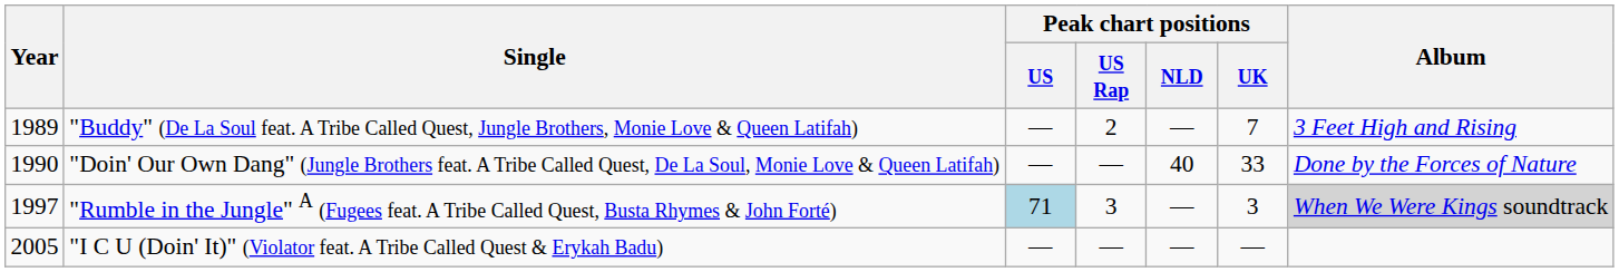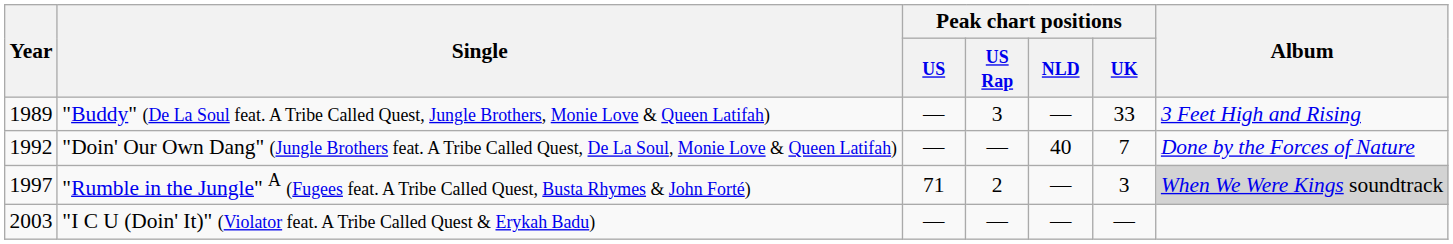 <table class="wikitable">
 <tr>
 <th rowspan="2">Year</th>
 <th rowspan="2">Single</th>
 <th colspan="4">Peak chart positions</th>
 <th rowspan="2">Album</th>
 </tr>
 <tr>
 <th align="center" width="40"><small><a href='#'>US</a></small></th>
 <th align="center" width="40"><small><a href='#'>US Rap</a></small></th>
 <th align="center" width="40"><small><a href='#'>NLD</a></small></th>
 <th align="center" width="40"><small><a href='#'>UK</a></small></th>
 </tr>
 <tr>
 <td>1989</td>
 <td>"<a href='#'>Buddy</a>" <small>(<a href='#'>De La Soul</a> feat. A Tribe Called Quest, <a href='#'>Jungle Brothers</a>, <a href='#'>Monie Love</a> & <a href='#'>Queen Latifah</a>)</small></td>
 <td align="center">—</td>
-<td align="center">2</td>
+<td align="center">3</td>
 <td align="center">—</td>
-<td align="center">7</td>
+<td align="center">33</td>
 <td><em><a href='#'>3 Feet High and Rising</a></em></td>
 </tr>
 <tr>
-<td>1990</td>
+<td>1992</td>
 <td>"Doin' Our Own Dang" <small>(<a href='#'>Jungle Brothers</a> feat. A Tribe Called Quest, <a href='#'>De La Soul</a>, <a href='#'>Monie Love</a> & <a href='#'>Queen Latifah</a>)</small></td>
 <td align="center">—</td>
 <td align="center">—</td>
 <td align="center">40</td>
-<td align="center">33</td>
+<td align="center">7</td>
 <td><em><a href='#'>Done by the Forces of Nature</a></em></td>
 </tr>
 <tr>
 <td>1997</td>
 <td>"<a href='#'>Rumble in the Jungle</a>" <sup>A</sup> <small>(<a href='#'>Fugees</a> feat. A Tribe Called Quest, <a href='#'>Busta Rhymes</a> & <a href='#'>John Forté</a>)</small></td>
-<td align="center" style="background: lightblue;">71</td>
-<td align="center">3</td>
+<td align="center">71</td>
+<td align="center">2</td>
 <td align="center">—</td>
 <td align="center">3</td>
 <td style="background: lightgrey;"><em><a href='#'>When We Were Kings</a></em> soundtrack</td>
 </tr>
 <tr>
-<td>2005</td>
+<td>2003</td>
 <td>"I C U (Doin' It)" <small>(<a href='#'>Violator</a> feat. A Tribe Called Quest & <a href='#'>Erykah Badu</a>)</small></td>
 <td align="center">—</td>
 <td align="center">—</td>
 <td align="center">—</td>
 <td align="center">—</td>
 <td></td>
 </tr>
 </table>
